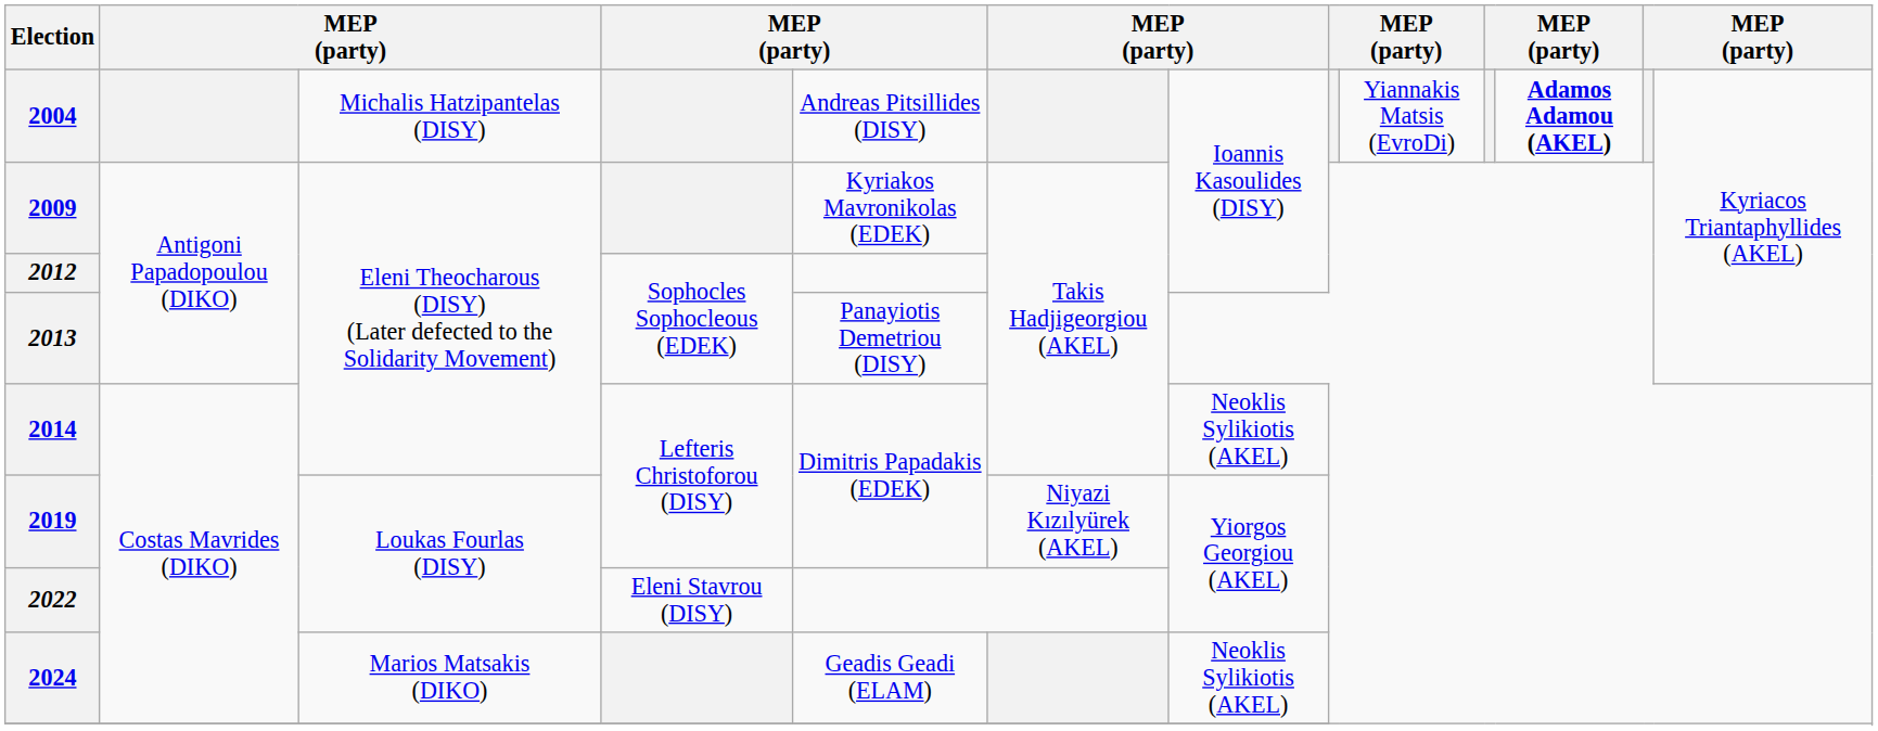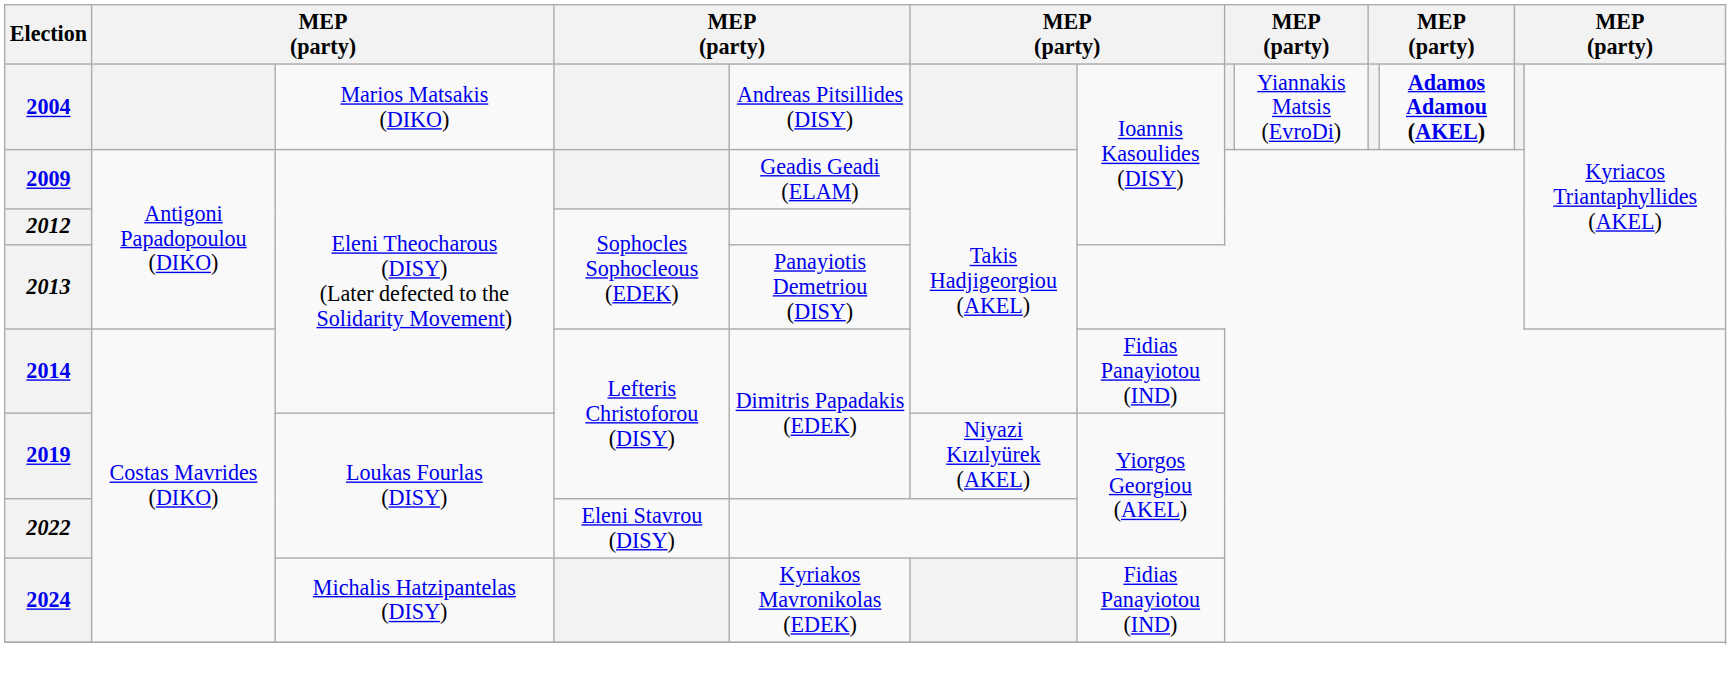 <table class= "wikitable" style= "text-align:center">
 <tr>
 <th>Election</th>
 <th colspan=2>MEP<br>(party)</th>
 <th colspan=2>MEP<br>(party)</th>
 <th colspan=2>MEP<br>(party)</th>
 <th colspan=2>MEP<br>(party)</th>
 <th colspan=2>MEP<br>(party)</th>
 <th colspan=2>MEP<br>(party)</th>
 </tr>
 <tr>
 <th><a href='#'>2004</a></th>
 <th style="background-color: "></th>
-<td><a href='#'>Michalis Hatzipantelas</a><br>(<a href='#'>DISY</a>)</td>
+<td rowspan=1><a href='#'>Marios Matsakis</a><br>(<a href='#'>DIKO</a>)</td>
 <th style="background-color: "></th>
 <td><a href='#'>Andreas Pitsillides</a><br>(<a href='#'>DISY</a>)</td>
 <th style="background-color: "></th>
 <td rowspan=3><a href='#'>Ioannis Kasoulides</a><br>(<a href='#'>DISY</a>)</td>
 <th style="background-color: "></th>
 <td rowspan=1><a href='#'>Yiannakis Matsis</a><br>(<a href='#'>EvroDi</a>)</td>
 <th style="background-color: "></th>
 <td rowspan=1><strong><a href='#'>Adamos Adamou</a><br>(<a href='#'>AKEL</a>)</strong></td>
 <th style="background-color: "></th>
 <td rowspan=4><a href='#'>Kyriacos Triantaphyllides</a><br>(<a href='#'>AKEL</a>)</td>
 </tr>
 <tr>
 <th><a href='#'>2009</a></th>
 <td rowspan=3><a href='#'>Antigoni Papadopoulou</a><br>(<a href='#'>DIKO</a>)</td>
 <td rowspan=4><a href='#'>Eleni Theocharous</a><br>(<a href='#'>DISY</a>)<br>(Later defected to the <a href='#'>Solidarity Movement</a>)</td>
 <th style="background-color: "></th>
-<td><a href='#'>Kyriakos Mavronikolas</a><br>(<a href='#'>EDEK</a>)</td>
+<td><a href='#'>Geadis Geadi</a><br>(<a href='#'>ELAM</a>)</td>
 <td rowspan=4><a href='#'>Takis Hadjigeorgiou</a><br>(<a href='#'>AKEL</a>)</td>
 </tr>
 <tr>
 <th><em>2012</em></th>
 <td rowspan=2><a href='#'>Sophocles Sophocleous</a><br>(<a href='#'>EDEK</a>)</td>
 </tr>
 <tr>
 <th><em>2013</em></th>
 <td rowspan=1><a href='#'>Panayiotis Demetriou</a><br>(<a href='#'>DISY</a>)</td>
 </tr>
 <tr>
 <th><a href='#'>2014</a></th>
 <td rowspan=4><a href='#'>Costas Mavrides</a><br>(<a href='#'>DIKO</a>)</td>
 <td rowspan=2><a href='#'>Lefteris Christoforou</a><br>(<a href='#'>DISY</a>)</td>
 <td rowspan=2><a href='#'>Dimitris Papadakis</a><br>(<a href='#'>EDEK</a>)</td>
-<td rowspan=1><a href='#'>Neoklis Sylikiotis</a><br>(<a href='#'>AKEL</a>)</td>
+<td><a href='#'>Fidias Panayiotou</a><br>(<a href='#'>IND</a>)</td>
 </tr>
 <tr>
 <th><a href='#'>2019</a></th>
 <td rowspan=2><a href='#'>Loukas Fourlas</a><br>(<a href='#'>DISY</a>)</td>
 <td><a href='#'>Niyazi Kızılyürek</a><br>(<a href='#'>AKEL</a>)</td>
 <td rowspan=2><a href='#'>Yiorgos Georgiou</a><br>(<a href='#'>AKEL</a>)</td>
 </tr>
 <tr>
 <th><em>2022</em></th>
 <td><a href='#'>Eleni Stavrou</a><br> (<a href='#'>DISY</a>)</td>
 </tr>
 <tr>
 <th><a href='#'>2024</a></th>
-<td rowspan=1><a href='#'>Marios Matsakis</a><br>(<a href='#'>DIKO</a>)</td>
+<td><a href='#'>Michalis Hatzipantelas</a><br>(<a href='#'>DISY</a>)</td>
 <th style="background-color: "></th>
-<td><a href='#'>Geadis Geadi</a><br>(<a href='#'>ELAM</a>)</td>
+<td><a href='#'>Kyriakos Mavronikolas</a><br>(<a href='#'>EDEK</a>)</td>
 <th style="background-color: "></th>
-<td rowspan=1><a href='#'>Neoklis Sylikiotis</a><br>(<a href='#'>AKEL</a>)</td>
+<td><a href='#'>Fidias Panayiotou</a><br>(<a href='#'>IND</a>)</td>
 </tr>
 <tr>
 </tr>
 </table>
